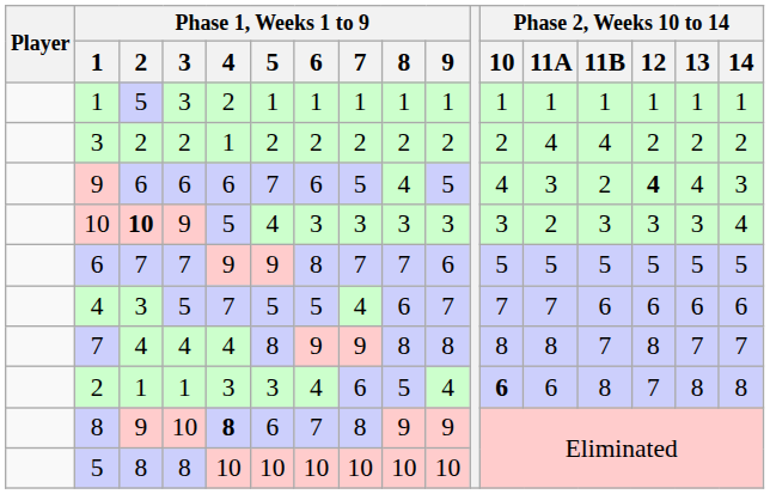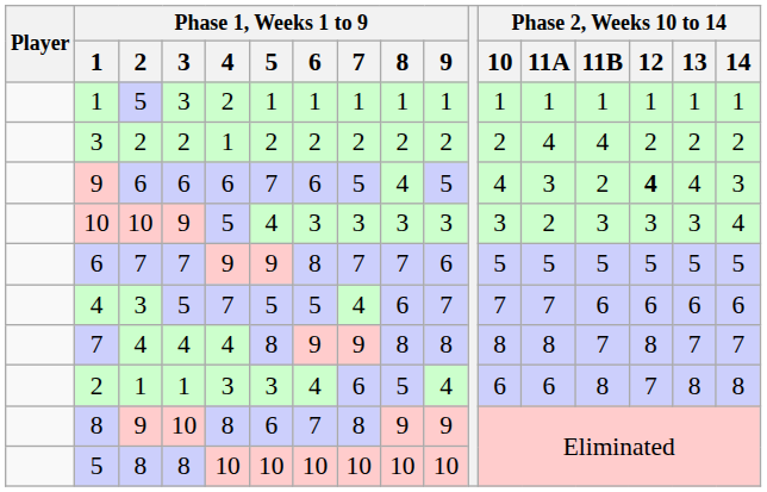 <table class="wikitable">
 <tr style="font-size:10pt;font-weight:bold">
 <th rowspan=2>Player</th>
 <th colspan=9>Phase 1, Weeks 1 to 9</th>
 <th rowspan=12></th>
 <th colspan=6>Phase 2, Weeks 10 to 14</th>
 </tr>
 <tr>
 <th style="width:20px;">1</th>
 <th style="width:20px;">2</th>
 <th style="width:20px;">3</th>
 <th style="width:20px;">4</th>
 <th style="width:20px;">5</th>
 <th style="width:20px;">6</th>
 <th style="width:20px;">7</th>
 <th style="width:20px;">8</th>
 <th style="width:20px;">9</th>
 <th style="width:20px;">10</th>
 <th style="width:20px;">11A</th>
 <th style="width:20px;">11B</th>
 <th style="width:20px;">12</th>
 <th style="width:20px;">13</th>
 <th style="width:20px;">14</th>
 </tr>
 <tr>
 <td> </td>
 <td style="text-align:center; background:#cfc;">1</td>
 <td style="text-align:center; background:#cccffc;">5</td>
 <td style="text-align:center; background:#cfc;">3</td>
 <td style="text-align:center; background:#cfc;">2</td>
 <td style="text-align:center; background:#cfc;">1</td>
 <td style="text-align:center; background:#cfc;">1</td>
 <td style="text-align:center; background:#cfc;">1</td>
 <td style="text-align:center; background:#cfc;">1</td>
 <td style="text-align:center; background:#cfc;">1</td>
 <td style="text-align:center; background:#cfc;">1</td>
 <td style="text-align:center; background:#cfc;">1</td>
 <td style="text-align:center; background:#cfc;">1</td>
 <td style="text-align:center; background:#cfc;">1</td>
 <td style="text-align:center; background:#cfc;">1</td>
 <td style="text-align:center; background:#cfc;">1</td>
 </tr>
 <tr>
 <td> </td>
 <td style="text-align:center; background:#cfc;">3</td>
 <td style="text-align:center; background:#cfc;">2</td>
 <td style="text-align:center; background:#cfc;">2</td>
 <td style="text-align:center; background:#cfc;">1</td>
 <td style="text-align:center; background:#cfc;">2</td>
 <td style="text-align:center; background:#cfc;">2</td>
 <td style="text-align:center; background:#cfc;">2</td>
 <td style="text-align:center; background:#cfc;">2</td>
 <td style="text-align:center; background:#cfc;">2</td>
 <td style="text-align:center; background:#cfc;">2</td>
 <td style="text-align:center; background:#cfc;">4</td>
 <td style="text-align:center; background:#cfc;">4</td>
 <td style="text-align:center; background:#cfc;">2</td>
 <td style="text-align:center; background:#cfc;">2</td>
 <td style="text-align:center; background:#cfc;">2</td>
 </tr>
 <tr>
 <td> </td>
 <td style="text-align:center; background:#fcc;">9</td>
 <td style="text-align:center; background:#cccffc;">6</td>
 <td style="text-align:center; background:#cccffc;">6</td>
 <td style="text-align:center; background:#cccffc;">6</td>
 <td style="text-align:center; background:#cccffc;">7</td>
 <td style="text-align:center; background:#cccffc;">6</td>
 <td style="text-align:center; background:#cccffc;">5</td>
 <td style="text-align:center; background:#cfc;">4</td>
 <td style="text-align:center; background:#cccffc;">5</td>
 <td style="text-align:center; background:#cfc;">4</td>
 <td style="text-align:center; background:#cfc;">3</td>
 <td style="text-align:center; background:#cfc;">2</td>
 <td style="text-align:center; background:#cfc;"><strong>4</strong></td>
 <td style="text-align:center; background:#cfc;">4</td>
 <td style="text-align:center; background:#cfc;">3</td>
 </tr>
 <tr>
 <td> </td>
 <td style="text-align:center; background:#fcc;">10</td>
-<td style="text-align:center; background:#fcc;"><strong>10</strong></td>
+<td style="text-align:center; background:#fcc;">10</td>
 <td style="text-align:center; background:#fcc;">9</td>
 <td style="text-align:center; background:#cccffc;">5</td>
 <td style="text-align:center; background:#cfc;">4</td>
 <td style="text-align:center; background:#cfc;">3</td>
 <td style="text-align:center; background:#cfc;">3</td>
 <td style="text-align:center; background:#cfc;">3</td>
 <td style="text-align:center; background:#cfc;">3</td>
 <td style="text-align:center; background:#cfc;">3</td>
 <td style="text-align:center; background:#cfc;">2</td>
 <td style="text-align:center; background:#cfc;">3</td>
 <td style="text-align:center; background:#cfc;">3</td>
 <td style="text-align:center; background:#cfc;">3</td>
 <td style="text-align:center; background:#cfc;">4</td>
 </tr>
 <tr>
 <td> </td>
 <td style="text-align:center; background:#cccffc;">6</td>
 <td style="text-align:center; background:#cccffc;">7</td>
 <td style="text-align:center; background:#cccffc;">7</td>
 <td style="text-align:center; background:#fcc;">9</td>
 <td style="text-align:center; background:#fcc;">9</td>
 <td style="text-align:center; background:#cccffc;">8</td>
 <td style="text-align:center; background:#cccffc;">7</td>
 <td style="text-align:center; background:#cccffc;">7</td>
 <td style="text-align:center; background:#cccffc;">6</td>
 <td style="text-align:center; background:#cccffc;">5</td>
 <td style="text-align:center; background:#cccffc;">5</td>
 <td style="text-align:center; background:#cccffc;">5</td>
 <td style="text-align:center; background:#cccffc;">5</td>
 <td style="text-align:center; background:#cccffc;">5</td>
 <td style="text-align:center; background:#cccffc;">5</td>
 </tr>
 <tr>
 <td></td>
 <td style="text-align:center; background:#cfc;">4</td>
 <td style="text-align:center; background:#cfc;">3</td>
 <td style="text-align:center; background:#cccffc;">5</td>
 <td style="text-align:center; background:#cccffc;">7</td>
 <td style="text-align:center; background:#cccffc;">5</td>
 <td style="text-align:center; background:#cccffc;">5</td>
 <td style="text-align:center; background:#cfc;">4</td>
 <td style="text-align:center; background:#cccffc;">6</td>
 <td style="text-align:center; background:#cccffc;">7</td>
 <td style="text-align:center; background:#cccffc;">7</td>
 <td style="text-align:center; background:#cccffc;">7</td>
 <td style="text-align:center; background:#cccffc;">6</td>
 <td style="text-align:center; background:#cccffc;">6</td>
 <td style="text-align:center; background:#cccffc;">6</td>
 <td style="text-align:center; background:#cccffc;">6</td>
 </tr>
 <tr>
 <td> </td>
 <td style="text-align:center; background:#cccffc;">7</td>
 <td style="text-align:center; background:#cfc;">4</td>
 <td style="text-align:center; background:#cfc;">4</td>
 <td style="text-align:center; background:#cfc;">4</td>
 <td style="text-align:center; background:#cccffc;">8</td>
 <td style="text-align:center; background:#fcc;">9</td>
 <td style="text-align:center; background:#fcc;">9</td>
 <td style="text-align:center; background:#cccffc;">8</td>
 <td style="text-align:center; background:#cccffc;">8</td>
 <td style="text-align:center; background:#cccffc;">8</td>
 <td style="text-align:center; background:#cccffc;">8</td>
 <td style="text-align:center; background:#cccffc;">7</td>
 <td style="text-align:center; background:#cccffc;">8</td>
 <td style="text-align:center; background:#cccffc;">7</td>
 <td style="text-align:center; background:#cccffc;">7</td>
 </tr>
 <tr>
 <td> </td>
 <td style="text-align:center; background:#cfc;">2</td>
 <td style="text-align:center; background:#cfc;">1</td>
 <td style="text-align:center; background:#cfc;">1</td>
 <td style="text-align:center; background:#cfc;">3</td>
 <td style="text-align:center; background:#cfc;">3</td>
 <td style="text-align:center; background:#cfc;">4</td>
 <td style="text-align:center; background:#cccffc;">6</td>
 <td style="text-align:center; background:#cccffc;">5</td>
 <td style="text-align:center; background:#cfc;">4</td>
-<td style="text-align:center; background:#cccffc;"><strong>6</strong></td>
+<td style="text-align:center; background:#cccffc;">6</td>
 <td style="text-align:center; background:#cccffc;">6</td>
 <td style="text-align:center; background:#cccffc;">8</td>
 <td style="text-align:center; background:#cccffc;">7</td>
 <td style="text-align:center; background:#cccffc;">8</td>
 <td style="text-align:center; background:#cccffc;">8</td>
 </tr>
 <tr>
 <td> </td>
 <td style="text-align:center; background:#cccffc;">8</td>
 <td style="text-align:center; background:#fcc;">9</td>
 <td style="text-align:center; background:#fcc;">10</td>
-<td style="text-align:center; background:#cccffc;"><strong>8</strong></td>
+<td style="text-align:center; background:#cccffc;">8</td>
 <td style="text-align:center; background:#cccffc;">6</td>
 <td style="text-align:center; background:#cccffc;">7</td>
 <td style="text-align:center; background:#cccffc;">8</td>
 <td style="text-align:center; background:#fcc;">9</td>
 <td style="text-align:center; background:#fcc;">9</td>
 <td align=center ; rowspan=2; colspan=6; style="background:#fcc;">Eliminated</td>
 </tr>
 <tr>
 <td> </td>
 <td style="text-align:center; background:#cccffc;">5</td>
 <td style="text-align:center; background:#cccffc;">8</td>
 <td style="text-align:center; background:#cccffc;">8</td>
 <td style="text-align:center; background:#fcc;">10</td>
 <td style="text-align:center; background:#fcc;">10</td>
 <td style="text-align:center; background:#fcc;">10</td>
 <td style="text-align:center; background:#fcc;">10</td>
 <td style="text-align:center; background:#fcc;">10</td>
 <td style="text-align:center; background:#fcc;">10</td>
 </tr>
 </table>
